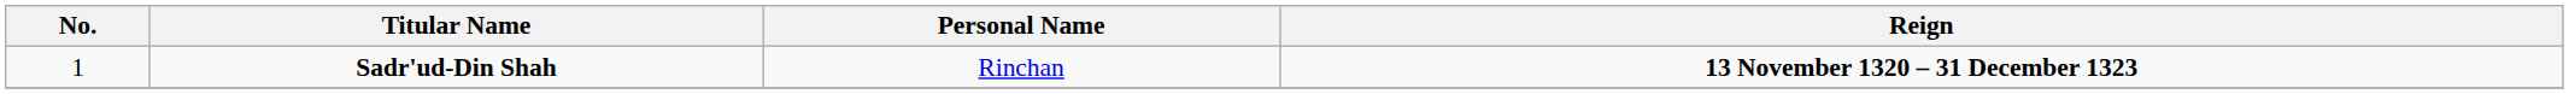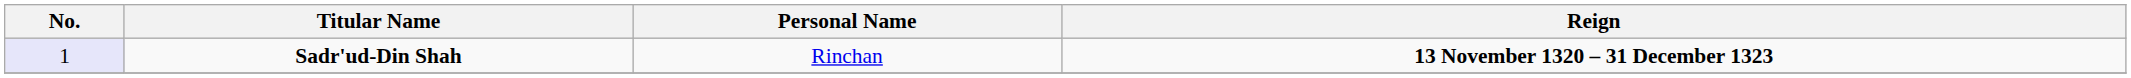 <table width=100% class="wikitable">
 <tr>
 <th style= width=7%>No.</th>
 <th style= width=7%>Titular Name</th>
 <th style= width=7%>Personal Name</th>
 <th style= width=7%>Reign</th>
 </tr>
 <tr>
-<td align="center">1</td>
+<td align="center" style="background: lavender;">1</td>
 <td align="center"><strong>Sadr'ud-Din Shah</strong></td>
 <td align="center"><a href='#'>Rinchan</a></td>
 <td align="center"><strong>13 November 1320 – 31 December 1323</strong></td>
 </tr>
 <tr>
 </tr>
 </table>
